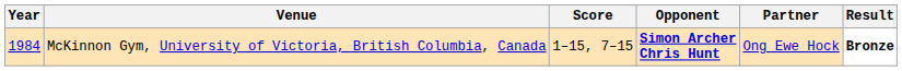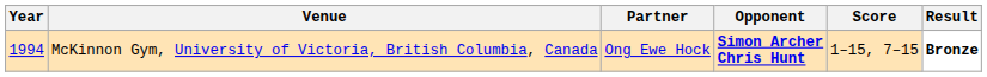 <table class="sortable wikitable" style="font-size: 90%;">
 <tr>
 <th>Year</th>
 <th>Venue</th>
+<th>Partner</th>
+<th>Opponent</th>
 <th>Score</th>
-<th>Opponent</th>
-<th>Partner</th>
 <th>Result</th>
 </tr>
 <tr style="background:#FFE4B5">
-<td align="center"><a href='#'>1984</a></td>
+<td align="center"><a href='#'>1994</a></td>
 <td align="left">McKinnon Gym, <a href='#'>University of Victoria</a><a href='#'>, British Columbia</a>, <a href='#'>Canada</a></td>
+<td align="left"> <a href='#'>Ong Ewe Hock</a></td>
+<td align="left"><strong> <a href='#'>Simon Archer</a><br> <a href='#'>Chris Hunt</a></strong></td>
 <td align="left">1–15, 7–15</td>
-<td align="left"><strong> <a href='#'>Simon Archer</a><br> <a href='#'>Chris Hunt</a></strong></td>
-<td align="left"> <a href='#'>Ong Ewe Hock</a></td>
 <td style="text-align:left; background:white"> <strong>Bronze</strong></td>
 </tr>
 </table>
